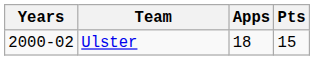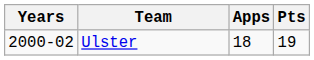 <table class="wikitable" style="text-align:left;">
 <tr>
 <th>Years</th>
 <th width=120px>Team</th>
 <th>Apps</th>
 <th>Pts</th>
 </tr>
 <tr>
 <td>2000-02</td>
 <td><a href='#'>Ulster</a></td>
 <td>18</td>
-<td>15</td>
+<td>19</td>
 </tr>
 </table>
